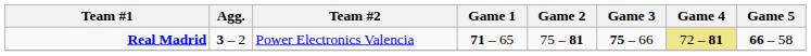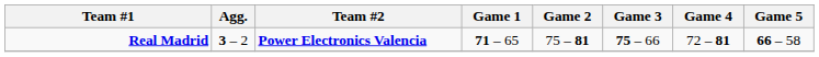 <table class=wikitable style="text-align:center">
 <tr>
 <th width=220>Team #1</th>
 <th width=40>Agg.</th>
 <th width=220>Team #2</th>
 <th width=70>Game 1</th>
 <th width=70>Game 2</th>
 <th width=70>Game 3</th>
 <th width=70>Game 4</th>
 <th width=70>Game 5</th>
 </tr>
 <tr>
 <td align=right><strong><a href='#'>Real Madrid</a></strong> </td>
 <td><strong>3</strong> – 2</td>
-<td align=left> <a href='#'>Power Electronics Valencia</a></td>
+<td align=left><strong> <a href='#'>Power Electronics Valencia</a></strong></td>
 <td><strong>71</strong> – 65</td>
 <td>75 – <strong>81</strong></td>
 <td><strong>75</strong> – 66</td>
-<td style="background: khaki;">72 – <strong>81</strong></td>
+<td>72 – <strong>81</strong></td>
 <td><strong>66</strong> – 58</td>
 </tr>
 <tr>
 </tr>
 </table>
